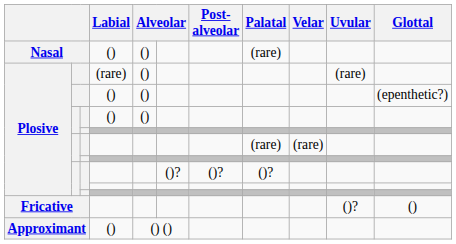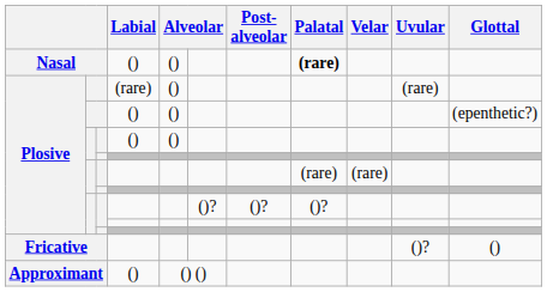 <table class="wikitable" style="text-align:center;">
 <tr>
 <th colspan="3"></th>
 <th><a href='#'>Labial</a></th>
 <th colspan="2"><a href='#'>Alveolar</a></th>
 <th><a href='#'>Post-<br>alveolar</a></th>
 <th><a href='#'>Palatal</a></th>
 <th><a href='#'>Velar</a></th>
 <th><a href='#'>Uvular</a></th>
 <th><a href='#'>Glottal</a></th>
 </tr>
 <tr>
 <th colspan="3"><a href='#'>Nasal</a></th>
 <td>()</td>
 <td>()</td>
 <td></td>
 <td></td>
-<td> (rare)</td>
+<td><strong> (rare)</strong></td>
 <td></td>
 <td></td>
 <td></td>
 </tr>
 <tr>
 <th rowspan="9"><a href='#'>Plosive</a></th>
 <th colspan="2"></th>
 <td> (rare)</td>
 <td>()</td>
 <td></td>
 <td></td>
 <td></td>
 <td></td>
 <td> (rare)</td>
 <td></td>
 </tr>
 <tr>
 <th colspan="2"></th>
 <td>()</td>
 <td>()</td>
 <td></td>
 <td></td>
 <td></td>
 <td></td>
 <td></td>
 <td> (epenthetic?)</td>
 </tr>
 <tr>
 <th rowspan="2"></th>
 <th></th>
 <td>()</td>
 <td>()</td>
 <td></td>
 <td></td>
 <td></td>
 <td></td>
 <td></td>
 <td></td>
 </tr>
 <tr bgcolor=silver>
 <th></th>
 <td></td>
 <td></td>
 <td></td>
 <td></td>
 <td></td>
 <td></td>
 <td></td>
 <td></td>
 </tr>
 <tr>
 <th rowspan="2"></th>
 <th></th>
 <td></td>
 <td></td>
 <td></td>
 <td></td>
 <td> (rare)</td>
 <td> (rare)</td>
 <td></td>
 <td></td>
 </tr>
 <tr bgcolor=silver>
 <th></th>
 <td></td>
 <td></td>
 <td></td>
 <td></td>
 <td></td>
 <td></td>
 <td></td>
 <td></td>
 </tr>
 <tr>
 <th rowspan="3"></th>
 <th rowspan="2"></th>
 <td></td>
 <td></td>
 <td>()?</td>
 <td>()?</td>
 <td>()?</td>
 <td></td>
 <td></td>
 <td></td>
 </tr>
 <tr>
 <td></td>
 <td></td>
 <td></td>
 <td></td>
 <td></td>
 <td></td>
 <td></td>
 <td></td>
 </tr>
 <tr bgcolor=silver>
 <th></th>
 <td></td>
 <td></td>
 <td></td>
 <td></td>
 <td></td>
 <td></td>
 <td></td>
 <td></td>
 </tr>
 <tr>
 <th colspan="3"><a href='#'>Fricative</a></th>
 <td></td>
 <td></td>
 <td></td>
 <td></td>
 <td></td>
 <td></td>
 <td>()?</td>
 <td>()</td>
 </tr>
 <tr>
 <th colspan="3"><a href='#'>Approximant</a></th>
 <td>()</td>
 <td colspan="2">() ()</td>
 <td></td>
 <td></td>
 <td></td>
 <td></td>
 <td></td>
 </tr>
 </table>
